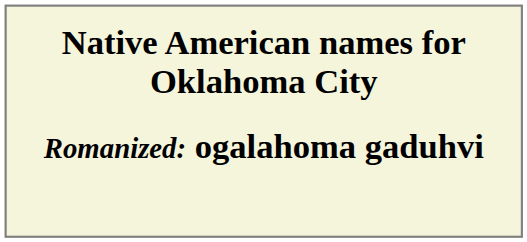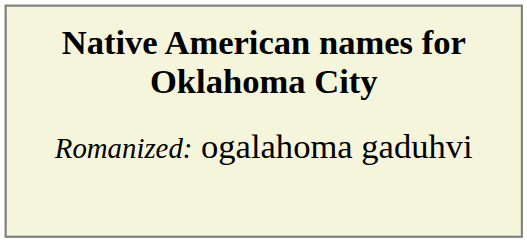 <table style="float:left; width:15em; margin:1em; border:1px solid gray; padding:5px; background:beige; text-align:center;">
 <tr>
 <td align=center><strong>Native American names for Oklahoma City</strong></td>
 </tr>
 <tr>
 <td></td>
 </tr>
 <tr>
 <td></td>
 </tr>
 <tr>
-<td><strong><small><em>Romanized:</em></small> ogalahoma gaduhvi</strong></td>
+<td><small><em>Romanized:</em></small> ogalahoma gaduhvi</td>
 </tr>
 <tr>
 <td></td>
 </tr>
 <tr>
 <td></td>
 </tr>
 <tr>
 <td></td>
 </tr>
 <tr>
 <td></td>
 </tr>
 <tr>
 <td></td>
 </tr>
 <tr>
 <td></td>
 </tr>
 </table>
